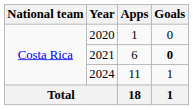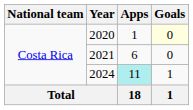 <table class="wikitable" style="text-align:center">
 <tr>
 <th>National team</th>
 <th>Year</th>
 <th>Apps</th>
 <th>Goals</th>
 </tr>
 <tr>
 <td rowspan="3"><a href='#'>Costa Rica</a></td>
 <td>2020</td>
 <td>1</td>
-<td>0</td>
+<td style="background: lightyellow;">0</td>
 </tr>
 <tr>
 <td>2021</td>
 <td>6</td>
-<td><strong>0</strong></td>
+<td>0</td>
 </tr>
 <tr>
 <td>2024</td>
-<td>11</td>
+<td style="background: paleturquoise;">11</td>
 <td>1</td>
 </tr>
 <tr>
 <th colspan="2">Total</th>
 <th>18</th>
 <th>1</th>
 </tr>
 </table>
